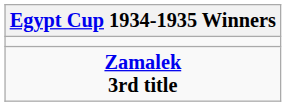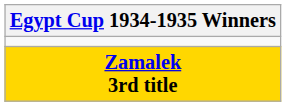 <table class="wikitable" style="text-align: center; margin: 0 auto;">
 <tr>
 <th><a href='#'>Egypt Cup</a> 1934-1935 Winners</th>
 </tr>
 <tr>
 <td></td>
 </tr>
 <tr>
-<td><strong><a href='#'>Zamalek</a></strong><br><strong>3rd title</strong></td>
+<td style="background: gold;"><strong><a href='#'>Zamalek</a></strong><br><strong>3rd title</strong></td>
 </tr>
 </table>
